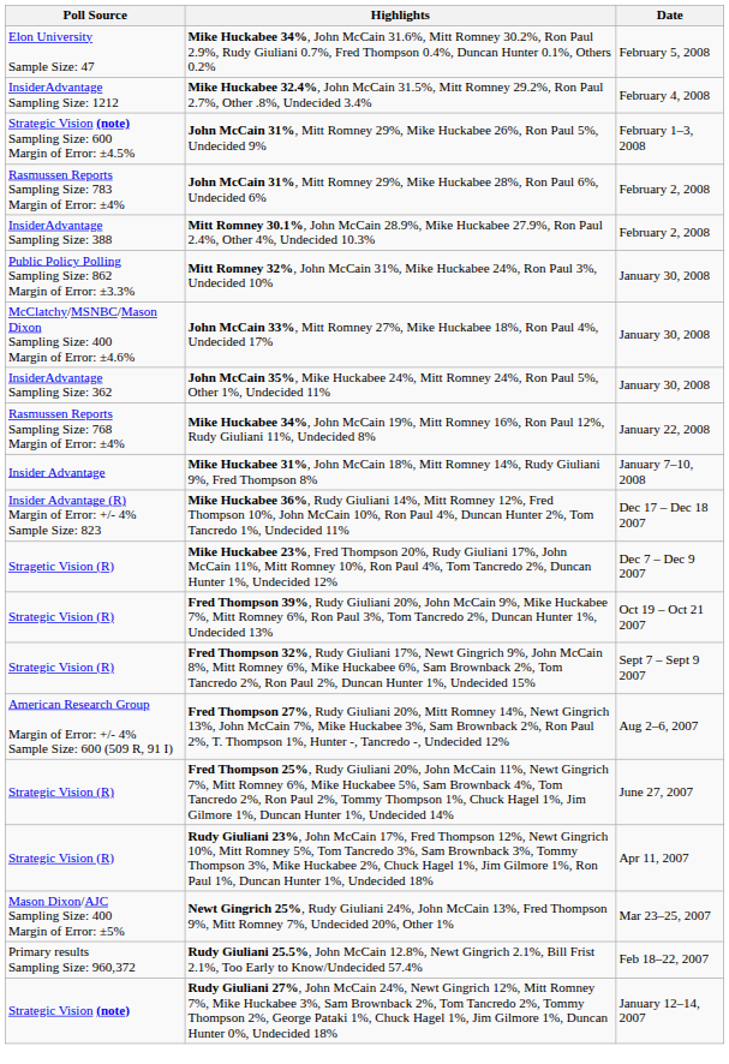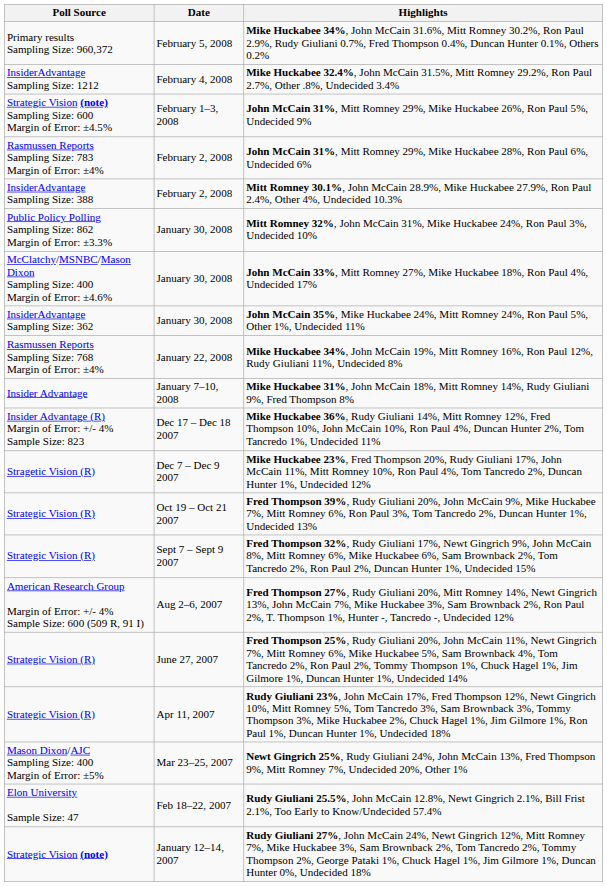 <table class="wikitable sortable">
 <tr>
 <th width="25%">Poll Source</th>
+<th width="15%">Date</th>
 <th width="60%">Highlights</th>
-<th width="15%">Date</th>
+</tr>
+<tr>
+<td>Primary results<br>Sampling Size: 960,372</td>
+<td>February 5, 2008</td>
+<td><strong>Mike Huckabee 34%</strong>, John McCain 31.6%, Mitt Romney 30.2%, Ron Paul 2.9%, Rudy Giuliani 0.7%, Fred Thompson 0.4%, Duncan Hunter 0.1%, Others 0.2%</td>
+</tr>
+<tr>
+<td><a href='#'>InsiderAdvantage</a><br>Sampling Size: 1212<br></td>
+<td>February 4, 2008</td>
+<td><strong>Mike Huckabee 32.4%</strong>, John McCain 31.5%, Mitt Romney 29.2%, Ron Paul 2.7%, Other .8%, Undecided 3.4%</td>
+</tr>
+<tr>
+<td><a href='#'>Strategic Vision</a> <strong><a href='#'>(note)</a></strong><br>Sampling Size: 600<br> Margin of Error: ±4.5%</td>
+<td>February 1–3, 2008</td>
+<td><strong>John McCain 31%</strong>, Mitt Romney 29%, Mike Huckabee 26%, Ron Paul 5%, Undecided 9%</td>
+</tr>
+<tr>
+<td><a href='#'>Rasmussen Reports</a><br>Sampling Size: 783<br> Margin of Error: ±4%</td>
+<td>February 2, 2008</td>
+<td><strong>John McCain 31%</strong>, Mitt Romney 29%, Mike Huckabee 28%, Ron Paul 6%, Undecided 6%</td>
+</tr>
+<tr>
+<td><a href='#'>InsiderAdvantage</a><br>Sampling Size: 388<br></td>
+<td>February 2, 2008</td>
+<td><strong>Mitt Romney 30.1%</strong>, John McCain 28.9%, Mike Huckabee 27.9%, Ron Paul 2.4%, Other 4%, Undecided 10.3%</td>
+</tr>
+<tr>
+<td><a href='#'>Public Policy Polling</a><br>Sampling Size: 862<br> Margin of Error: ±3.3%</td>
+<td>January 30, 2008</td>
+<td><strong>Mitt Romney 32%</strong>, John McCain 31%, Mike Huckabee 24%, Ron Paul 3%, Undecided 10%</td>
+</tr>
+<tr>
+<td><a href='#'>McClatchy</a>/<a href='#'>MSNBC</a>/<a href='#'>Mason Dixon</a><br>Sampling Size: 400<br> Margin of Error: ±4.6%</td>
+<td>January 30, 2008</td>
+<td><strong>John McCain 33%</strong>, Mitt Romney 27%, Mike Huckabee 18%, Ron Paul 4%, Undecided 17%</td>
+</tr>
+<tr>
+<td><a href='#'>InsiderAdvantage</a><br>Sampling Size: 362<br></td>
+<td>January 30, 2008</td>
+<td><strong>John McCain 35%</strong>, Mike Huckabee 24%, Mitt Romney 24%, Ron Paul 5%, Other 1%, Undecided 11%</td>
+</tr>
+<tr>
+<td><a href='#'>Rasmussen Reports</a><br>Sampling Size: 768<br> Margin of Error: ±4%</td>
+<td>January 22, 2008</td>
+<td><strong>Mike Huckabee 34%</strong>, John McCain 19%, Mitt Romney 16%, Ron Paul 12%, Rudy Giuliani 11%, Undecided 8%</td>
+</tr>
+<tr>
+<td><a href='#'>Insider Advantage</a></td>
+<td>January 7–10, 2008</td>
+<td><strong>Mike Huckabee 31%</strong>, John McCain 18%, Mitt Romney 14%, Rudy Giuliani 9%, Fred Thompson 8%</td>
+</tr>
+<tr>
+<td><a href='#'>Insider Advantage (R)</a><br>Margin of Error: +/- 4%<br>Sample Size: 823</td>
+<td>Dec 17 – Dec 18 2007</td>
+<td><strong>Mike Huckabee 36%</strong>, Rudy Giuliani 14%, Mitt Romney 12%, Fred Thompson 10%, John McCain 10%,  Ron Paul 4%,  Duncan Hunter 2%, Tom Tancredo 1%, Undecided 11%</td>
+</tr>
+<tr>
+<td><a href='#'>Stragetic Vision (R)</a></td>
+<td>Dec 7 – Dec 9 2007</td>
+<td><strong>Mike Huckabee 23%</strong>, Fred Thompson 20%, Rudy Giuliani 17%, John McCain 11%, Mitt Romney 10%, Ron Paul 4%, Tom Tancredo 2%, Duncan Hunter 1%, Undecided 12%</td>
+</tr>
+<tr>
+<td><a href='#'>Strategic Vision (R)</a></td>
+<td>Oct 19 – Oct 21 2007</td>
+<td><strong>Fred Thompson 39%</strong>, Rudy Giuliani 20%, John McCain 9%, Mike Huckabee 7%, Mitt Romney 6%, Ron Paul 3%, Tom Tancredo 2%, Duncan Hunter 1%, Undecided 13%</td>
+</tr>
+<tr>
+<td><a href='#'>Strategic Vision (R)</a></td>
+<td>Sept 7 – Sept 9 2007</td>
+<td><strong>Fred Thompson 32%</strong>, Rudy Giuliani 17%, Newt Gingrich 9%, John McCain 8%, Mitt Romney 6%, Mike Huckabee 6%, Sam Brownback 2%, Tom Tancredo 2%, Ron Paul 2%, Duncan Hunter 1%, Undecided 15%</td>
+</tr>
+<tr>
+<td><a href='#'>American Research Group</a><br><br>Margin of Error: +/- 4%<br> Sample Size: 600 (509 R, 91 I)</td>
+<td>Aug 2–6, 2007</td>
+<td><strong>Fred Thompson 27%</strong>, Rudy Giuliani 20%, Mitt Romney 14%, Newt Gingrich 13%, John McCain 7%, Mike Huckabee 3%, Sam Brownback 2%, Ron Paul 2%, T. Thompson 1%,  Hunter -, Tancredo -, Undecided 12%</td>
+</tr>
+<tr>
+<td><a href='#'>Strategic Vision (R)</a></td>
+<td>June 27, 2007</td>
+<td><strong>Fred Thompson 25%</strong>, Rudy Giuliani 20%, John McCain 11%, Newt Gingrich 7%, Mitt Romney 6%, Mike Huckabee 5%, Sam Brownback 4%, Tom Tancredo 2%, Ron Paul 2%, Tommy Thompson 1%, Chuck Hagel 1%, Jim Gilmore 1%, Duncan Hunter 1%, Undecided 14%</td>
+</tr>
+<tr>
+<td><a href='#'>Strategic Vision (R)</a></td>
+<td>Apr 11, 2007</td>
+<td><strong>Rudy Giuliani 23%</strong>, John McCain 17%, Fred Thompson 12%, Newt Gingrich 10%, Mitt Romney 5%, Tom Tancredo 3%, Sam Brownback 3%, Tommy Thompson 3%, Mike Huckabee 2%, Chuck Hagel 1%, Jim Gilmore 1%, Ron Paul 1%, Duncan Hunter 1%, Undecided 18%</td>
+</tr>
+<tr>
+<td><a href='#'>Mason Dixon</a>/<a href='#'>AJC</a><br>Sampling Size: 400<br> Margin of Error: ±5%</td>
+<td>Mar 23–25, 2007</td>
+<td><strong>Newt Gingrich 25%</strong>, Rudy Giuliani 24%, John McCain 13%, Fred Thompson 9%, Mitt Romney 7%, Undecided 20%, Other 1%</td>
 </tr>
 <tr>
 <td><a href='#'>Elon University</a><br><br>Sample Size: 47</td>
-<td><strong>Mike Huckabee 34%</strong>, John McCain 31.6%, Mitt Romney 30.2%, Ron Paul 2.9%, Rudy Giuliani 0.7%, Fred Thompson 0.4%, Duncan Hunter 0.1%, Others 0.2%</td>
-<td>February 5, 2008</td>
-</tr>
-<tr>
-<td><a href='#'>InsiderAdvantage</a><br>Sampling Size: 1212<br></td>
-<td><strong>Mike Huckabee 32.4%</strong>, John McCain 31.5%, Mitt Romney 29.2%, Ron Paul 2.7%, Other .8%, Undecided 3.4%</td>
-<td>February 4, 2008</td>
-</tr>
-<tr>
-<td><a href='#'>Strategic Vision</a> <strong><a href='#'>(note)</a></strong><br>Sampling Size: 600<br> Margin of Error: ±4.5%</td>
-<td><strong>John McCain 31%</strong>, Mitt Romney 29%, Mike Huckabee 26%, Ron Paul 5%, Undecided 9%</td>
-<td>February 1–3, 2008</td>
-</tr>
-<tr>
-<td><a href='#'>Rasmussen Reports</a><br>Sampling Size: 783<br> Margin of Error: ±4%</td>
-<td><strong>John McCain 31%</strong>, Mitt Romney 29%, Mike Huckabee 28%, Ron Paul 6%, Undecided 6%</td>
-<td>February 2, 2008</td>
-</tr>
-<tr>
-<td><a href='#'>InsiderAdvantage</a><br>Sampling Size: 388<br></td>
-<td><strong>Mitt Romney 30.1%</strong>, John McCain 28.9%, Mike Huckabee 27.9%, Ron Paul 2.4%, Other 4%, Undecided 10.3%</td>
-<td>February 2, 2008</td>
-</tr>
-<tr>
-<td><a href='#'>Public Policy Polling</a><br>Sampling Size: 862<br> Margin of Error: ±3.3%</td>
-<td><strong>Mitt Romney 32%</strong>, John McCain 31%, Mike Huckabee 24%, Ron Paul 3%, Undecided 10%</td>
-<td>January 30, 2008</td>
-</tr>
-<tr>
-<td><a href='#'>McClatchy</a>/<a href='#'>MSNBC</a>/<a href='#'>Mason Dixon</a><br>Sampling Size: 400<br> Margin of Error: ±4.6%</td>
-<td><strong>John McCain 33%</strong>, Mitt Romney 27%, Mike Huckabee 18%, Ron Paul 4%, Undecided 17%</td>
-<td>January 30, 2008</td>
-</tr>
-<tr>
-<td><a href='#'>InsiderAdvantage</a><br>Sampling Size: 362<br></td>
-<td><strong>John McCain 35%</strong>, Mike Huckabee 24%, Mitt Romney 24%, Ron Paul 5%, Other 1%, Undecided 11%</td>
-<td>January 30, 2008</td>
-</tr>
-<tr>
-<td><a href='#'>Rasmussen Reports</a><br>Sampling Size: 768<br> Margin of Error: ±4%</td>
-<td><strong>Mike Huckabee 34%</strong>, John McCain 19%, Mitt Romney 16%, Ron Paul 12%, Rudy Giuliani 11%, Undecided 8%</td>
-<td>January 22, 2008</td>
-</tr>
-<tr>
-<td><a href='#'>Insider Advantage</a></td>
-<td><strong>Mike Huckabee 31%</strong>, John McCain 18%, Mitt Romney 14%, Rudy Giuliani 9%, Fred Thompson 8%</td>
-<td>January 7–10, 2008</td>
-</tr>
-<tr>
-<td><a href='#'>Insider Advantage (R)</a><br>Margin of Error: +/- 4%<br>Sample Size: 823</td>
-<td><strong>Mike Huckabee 36%</strong>, Rudy Giuliani 14%, Mitt Romney 12%, Fred Thompson 10%, John McCain 10%,  Ron Paul 4%,  Duncan Hunter 2%, Tom Tancredo 1%, Undecided 11%</td>
-<td>Dec 17 – Dec 18 2007</td>
-</tr>
-<tr>
-<td><a href='#'>Stragetic Vision (R)</a></td>
-<td><strong>Mike Huckabee 23%</strong>, Fred Thompson 20%, Rudy Giuliani 17%, John McCain 11%, Mitt Romney 10%, Ron Paul 4%, Tom Tancredo 2%, Duncan Hunter 1%, Undecided 12%</td>
-<td>Dec 7 – Dec 9 2007</td>
-</tr>
-<tr>
-<td><a href='#'>Strategic Vision (R)</a></td>
-<td><strong>Fred Thompson 39%</strong>, Rudy Giuliani 20%, John McCain 9%, Mike Huckabee 7%, Mitt Romney 6%, Ron Paul 3%, Tom Tancredo 2%, Duncan Hunter 1%, Undecided 13%</td>
-<td>Oct 19 – Oct 21 2007</td>
-</tr>
-<tr>
-<td><a href='#'>Strategic Vision (R)</a></td>
-<td><strong>Fred Thompson 32%</strong>, Rudy Giuliani 17%, Newt Gingrich 9%, John McCain 8%, Mitt Romney 6%, Mike Huckabee 6%, Sam Brownback 2%, Tom Tancredo 2%, Ron Paul 2%, Duncan Hunter 1%, Undecided 15%</td>
-<td>Sept 7 – Sept 9 2007</td>
-</tr>
-<tr>
-<td><a href='#'>American Research Group</a><br><br>Margin of Error: +/- 4%<br> Sample Size: 600 (509 R, 91 I)</td>
-<td><strong>Fred Thompson 27%</strong>, Rudy Giuliani 20%, Mitt Romney 14%, Newt Gingrich 13%, John McCain 7%, Mike Huckabee 3%, Sam Brownback 2%, Ron Paul 2%, T. Thompson 1%,  Hunter -, Tancredo -, Undecided 12%</td>
-<td>Aug 2–6, 2007</td>
-</tr>
-<tr>
-<td><a href='#'>Strategic Vision (R)</a></td>
-<td><strong>Fred Thompson 25%</strong>, Rudy Giuliani 20%, John McCain 11%, Newt Gingrich 7%, Mitt Romney 6%, Mike Huckabee 5%, Sam Brownback 4%, Tom Tancredo 2%, Ron Paul 2%, Tommy Thompson 1%, Chuck Hagel 1%, Jim Gilmore 1%, Duncan Hunter 1%, Undecided 14%</td>
-<td>June 27, 2007</td>
-</tr>
-<tr>
-<td><a href='#'>Strategic Vision (R)</a></td>
-<td><strong>Rudy Giuliani 23%</strong>, John McCain 17%, Fred Thompson 12%, Newt Gingrich 10%, Mitt Romney 5%, Tom Tancredo 3%, Sam Brownback 3%, Tommy Thompson 3%, Mike Huckabee 2%, Chuck Hagel 1%, Jim Gilmore 1%, Ron Paul 1%, Duncan Hunter 1%, Undecided 18%</td>
-<td>Apr 11, 2007</td>
-</tr>
-<tr>
-<td><a href='#'>Mason Dixon</a>/<a href='#'>AJC</a><br>Sampling Size: 400<br> Margin of Error: ±5%</td>
-<td><strong>Newt Gingrich 25%</strong>, Rudy Giuliani 24%, John McCain 13%, Fred Thompson 9%, Mitt Romney 7%, Undecided 20%, Other 1%</td>
-<td>Mar 23–25, 2007</td>
-</tr>
-<tr>
-<td>Primary results<br>Sampling Size: 960,372</td>
+<td>Feb 18–22, 2007</td>
 <td><strong>Rudy Giuliani 25.5%</strong>, John McCain 12.8%, Newt Gingrich 2.1%, Bill Frist 2.1%, Too Early to Know/Undecided 57.4%</td>
-<td>Feb 18–22, 2007</td>
 </tr>
 <tr>
 <td><a href='#'>Strategic Vision</a> <strong><a href='#'>(note)</a></strong></td>
+<td>January 12–14, 2007</td>
 <td><strong>Rudy Giuliani 27%</strong>, John McCain 24%, Newt Gingrich 12%, Mitt Romney 7%, Mike Huckabee 3%, Sam Brownback 2%, Tom Tancredo 2%, Tommy Thompson 2%, George Pataki 1%, Chuck Hagel 1%, Jim Gilmore 1%, Duncan Hunter 0%, Undecided 18%</td>
-<td>January 12–14, 2007</td>
 </tr>
 </table>
